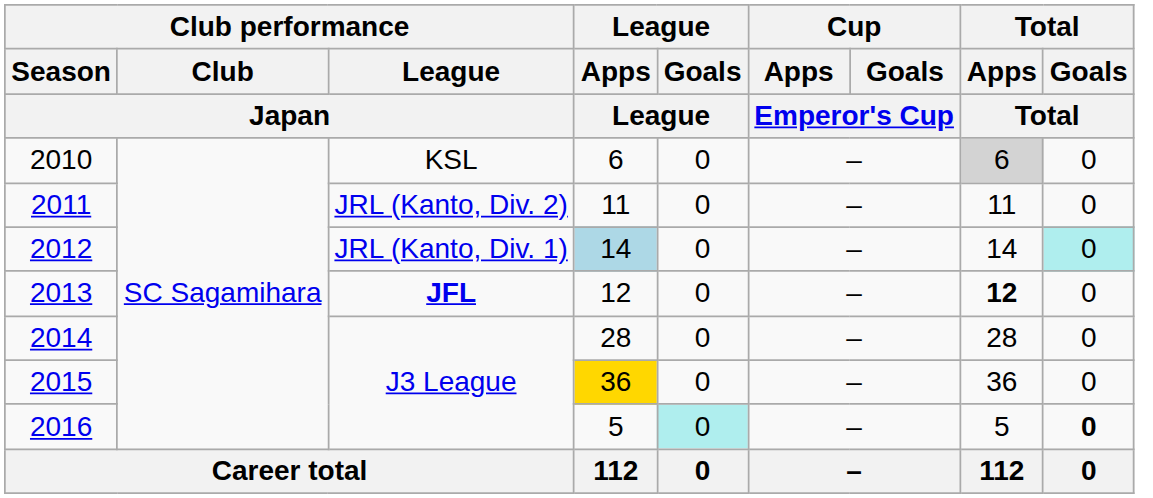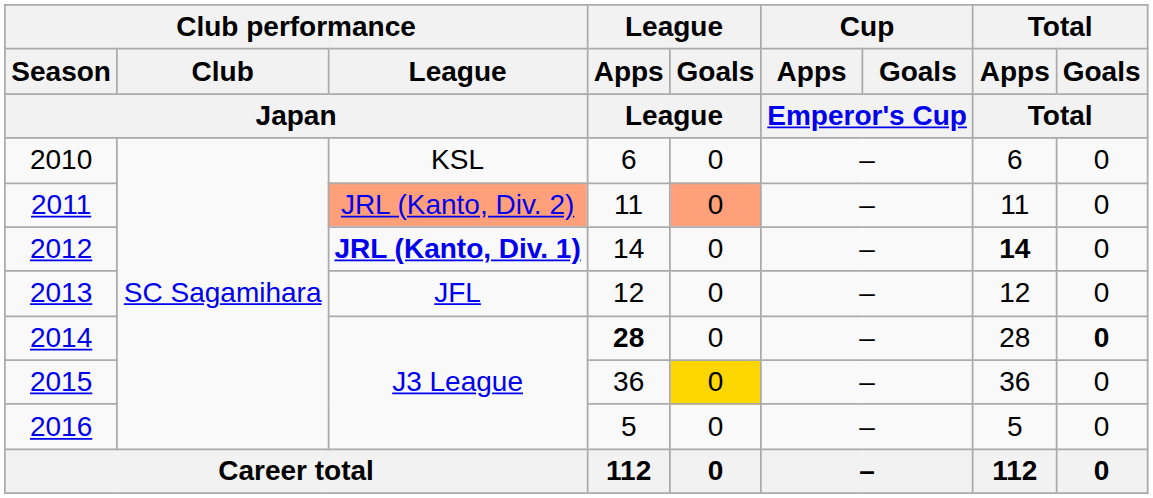 <table class="wikitable" style="text-align:center">
 <tr>
 <th colspan=3>Club performance</th>
 <th colspan=2>League</th>
 <th colspan=2>Cup</th>
 <th colspan=2>Total</th>
 </tr>
 <tr>
 <th>Season</th>
 <th>Club</th>
 <th>League</th>
 <th>Apps</th>
 <th>Goals</th>
 <th>Apps</th>
 <th>Goals</th>
 <th>Apps</th>
 <th>Goals</th>
 </tr>
 <tr>
 <th colspan=3>Japan</th>
 <th colspan=2>League</th>
 <th colspan=2><a href='#'>Emperor's Cup</a></th>
 <th colspan=2>Total</th>
 </tr>
 <tr>
 <td>2010</td>
 <td rowspan="7"><a href='#'>SC Sagamihara</a></td>
 <td>KSL</td>
 <td>6</td>
 <td>0</td>
 <td colspan="2">–</td>
-<td style="background: lightgrey;">6</td>
+<td>6</td>
 <td>0</td>
 </tr>
 <tr>
 <td><a href='#'>2011</a></td>
-<td><a href='#'>JRL (Kanto, Div. 2)</a></td>
+<td style="background: lightsalmon;"><a href='#'>JRL (Kanto, Div. 2)</a></td>
 <td>11</td>
-<td>0</td>
+<td style="background: lightsalmon;">0</td>
 <td colspan="2">–</td>
 <td>11</td>
 <td>0</td>
 </tr>
 <tr>
 <td><a href='#'>2012</a></td>
-<td><a href='#'>JRL (Kanto, Div. 1)</a></td>
-<td style="background: lightblue;">14</td>
+<td><strong><a href='#'>JRL (Kanto, Div. 1)</a></strong></td>
+<td>14</td>
 <td>0</td>
 <td colspan="2">–</td>
-<td>14</td>
-<td style="background: paleturquoise;">0</td>
+<td><strong>14</strong></td>
+<td>0</td>
 </tr>
 <tr>
 <td><a href='#'>2013</a></td>
-<td><strong><a href='#'>JFL</a></strong></td>
+<td><a href='#'>JFL</a></td>
 <td>12</td>
 <td>0</td>
 <td colspan="2">–</td>
-<td><strong>12</strong></td>
+<td>12</td>
 <td>0</td>
 </tr>
 <tr>
 <td><a href='#'>2014</a></td>
 <td rowspan="3"><a href='#'>J3 League</a></td>
-<td>28</td>
+<td><strong>28</strong></td>
 <td>0</td>
 <td colspan="2">–</td>
 <td>28</td>
-<td>0</td>
+<td><strong>0</strong></td>
 </tr>
 <tr>
 <td><a href='#'>2015</a></td>
-<td style="background: gold;">36</td>
-<td>0</td>
+<td>36</td>
+<td style="background: gold;">0</td>
 <td colspan="2">–</td>
 <td>36</td>
 <td>0</td>
 </tr>
 <tr>
 <td><a href='#'>2016</a></td>
 <td>5</td>
-<td style="background: paleturquoise;">0</td>
+<td>0</td>
 <td colspan="2">–</td>
 <td>5</td>
-<td><strong>0</strong></td>
+<td>0</td>
 </tr>
 <tr>
 <th colspan=3>Career total</th>
 <th>112</th>
 <th>0</th>
 <th colspan="2">–</th>
 <th>112</th>
 <th>0</th>
 </tr>
 </table>
